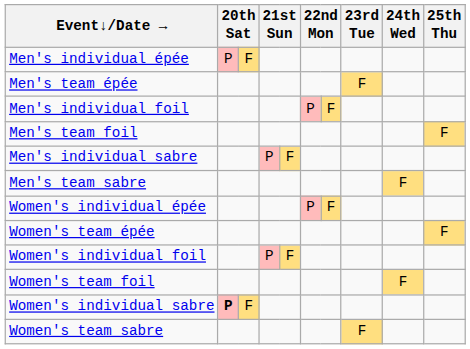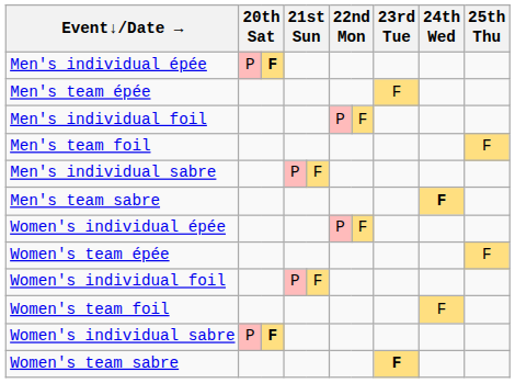 <table class="wikitable" style="margin:0.5em auto; font-size:90%; line-height:1.25em; text-align:center;">
 <tr>
 <th>Event↓/Date →</th>
 <th colspan=2>20th<br>Sat</th>
 <th colspan=2>21st<br>Sun</th>
 <th colspan=2>22nd<br>Mon</th>
 <th>23rd<br>Tue</th>
 <th>24th<br>Wed</th>
 <th>25th<br>Thu</th>
 </tr>
 <tr>
 <td style="text-align:left;"><a href='#'>Men's individual épée</a></td>
 <td bgcolor="#FFBBBB">P</td>
-<td bgcolor="#FFDF80">F</td>
+<td bgcolor="#FFDF80"><strong>F</strong></td>
 <td colspan=2></td>
 <td colspan=2></td>
 <td></td>
 <td></td>
 <td></td>
 </tr>
 <tr>
 <td style="text-align:left;"><a href='#'>Men's team épée</a></td>
 <td colspan=2></td>
 <td colspan=2></td>
 <td colspan=2></td>
 <td bgcolor="#FFDF80">F</td>
 <td></td>
 <td></td>
 </tr>
 <tr>
 <td style="text-align:left;"><a href='#'>Men's individual foil</a></td>
 <td colspan=2></td>
 <td colspan=2></td>
 <td bgcolor="#FFBBBB">P</td>
 <td bgcolor="#FFDF80">F</td>
 <td></td>
 <td></td>
 <td></td>
 </tr>
 <tr>
 <td style="text-align:left;"><a href='#'>Men's team foil</a></td>
 <td colspan=2></td>
 <td colspan=2></td>
 <td colspan=2></td>
 <td></td>
 <td></td>
 <td bgcolor="#FFDF80">F</td>
 </tr>
 <tr>
 <td style="text-align:left;"><a href='#'>Men's individual sabre</a></td>
 <td colspan=2></td>
 <td bgcolor="#FFBBBB">P</td>
 <td bgcolor="#FFDF80">F</td>
 <td colspan=2></td>
 <td></td>
 <td></td>
 <td></td>
 </tr>
 <tr>
 <td style="text-align:left;"><a href='#'>Men's team sabre</a></td>
 <td colspan=2></td>
 <td colspan=2></td>
 <td colspan=2></td>
 <td></td>
-<td bgcolor="#FFDF80">F</td>
+<td bgcolor="#FFDF80"><strong>F</strong></td>
 <td></td>
 </tr>
 <tr>
 <td style="text-align:left;"><a href='#'>Women's individual épée</a></td>
 <td colspan=2></td>
 <td colspan=2></td>
 <td bgcolor="#FFBBBB">P</td>
 <td bgcolor="#FFDF80">F</td>
 <td></td>
 <td></td>
 <td></td>
 </tr>
 <tr>
 <td style="text-align:left;"><a href='#'>Women's team épée</a></td>
 <td colspan=2></td>
 <td colspan=2></td>
 <td colspan=2></td>
 <td></td>
 <td></td>
 <td bgcolor="#FFDF80">F</td>
 </tr>
 <tr>
 <td style="text-align:left;"><a href='#'>Women's individual foil</a></td>
 <td colspan=2></td>
 <td bgcolor="#FFBBBB">P</td>
 <td bgcolor="#FFDF80">F</td>
 <td colspan=2></td>
 <td></td>
 <td></td>
 <td></td>
 </tr>
 <tr>
 <td style="text-align:left;"><a href='#'>Women's team foil</a></td>
 <td colspan=2></td>
 <td colspan=2></td>
 <td colspan=2></td>
 <td></td>
 <td bgcolor="#FFDF80">F</td>
 <td></td>
 </tr>
 <tr>
 <td style="text-align:left;"><a href='#'>Women's individual sabre</a></td>
-<td bgcolor="#FFBBBB"><strong>P</strong></td>
-<td bgcolor="#FFDF80">F</td>
+<td bgcolor="#FFBBBB">P</td>
+<td bgcolor="#FFDF80"><strong>F</strong></td>
 <td colspan=2></td>
 <td colspan=2></td>
 <td></td>
 <td></td>
 <td></td>
 </tr>
 <tr>
 <td style="text-align:left;"><a href='#'>Women's team sabre</a></td>
 <td colspan=2></td>
 <td colspan=2></td>
 <td colspan=2></td>
-<td bgcolor="#FFDF80">F</td>
+<td bgcolor="#FFDF80"><strong>F</strong></td>
 <td></td>
 <td></td>
 </tr>
 </table>
